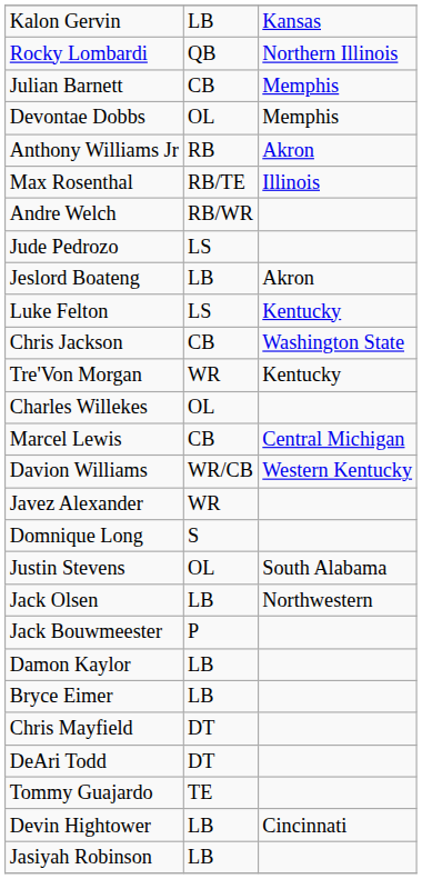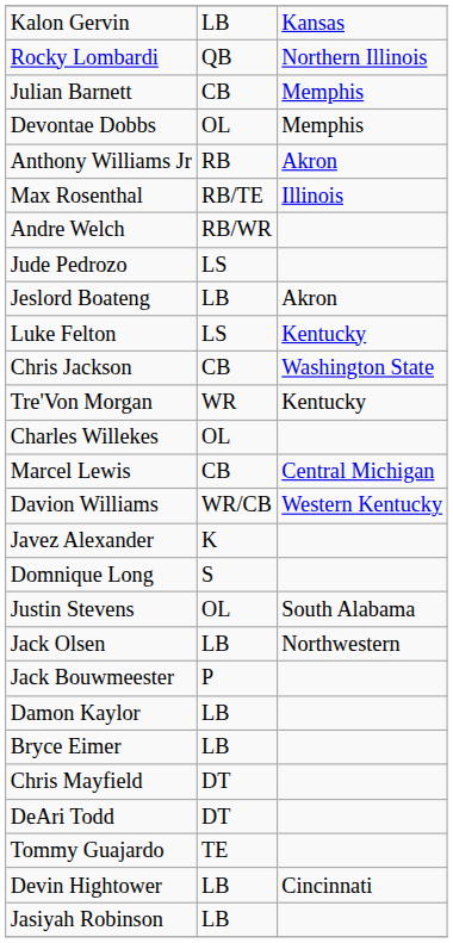 <table class="wikitable" style="display: inline-table;">
 <tr align="center">
 </tr>
 <tr>
 <td>Kalon Gervin</td>
 <td>LB</td>
 <td><a href='#'>Kansas</a></td>
 </tr>
 <tr>
 <td><a href='#'>Rocky Lombardi</a></td>
 <td>QB</td>
 <td><a href='#'>Northern Illinois</a></td>
 </tr>
 <tr>
 <td>Julian Barnett</td>
 <td>CB</td>
 <td><a href='#'>Memphis</a></td>
 </tr>
 <tr>
 <td>Devontae Dobbs</td>
 <td>OL</td>
 <td>Memphis</td>
 </tr>
 <tr>
 <td>Anthony Williams Jr</td>
 <td>RB</td>
 <td><a href='#'>Akron</a></td>
 </tr>
 <tr>
 <td>Max Rosenthal</td>
 <td>RB/TE</td>
 <td><a href='#'>Illinois</a></td>
 </tr>
 <tr>
 <td>Andre Welch</td>
 <td>RB/WR</td>
 <td></td>
 </tr>
 <tr>
 <td>Jude Pedrozo</td>
 <td>LS</td>
 <td></td>
 </tr>
 <tr>
 <td>Jeslord Boateng</td>
 <td>LB</td>
 <td>Akron</td>
 </tr>
 <tr>
 <td>Luke Felton</td>
 <td>LS</td>
 <td><a href='#'>Kentucky</a></td>
 </tr>
 <tr>
 <td>Chris Jackson</td>
 <td>CB</td>
 <td><a href='#'>Washington State</a></td>
 </tr>
 <tr>
 <td>Tre'Von Morgan</td>
 <td>WR</td>
 <td>Kentucky</td>
 </tr>
 <tr>
 <td>Charles Willekes</td>
 <td>OL</td>
 <td></td>
 </tr>
 <tr>
 <td>Marcel Lewis</td>
 <td>CB</td>
 <td><a href='#'>Central Michigan</a></td>
 </tr>
 <tr>
 <td>Davion Williams</td>
 <td>WR/CB</td>
 <td><a href='#'>Western Kentucky</a></td>
 </tr>
 <tr>
 <td>Javez Alexander</td>
-<td>WR</td>
+<td>K</td>
 <td></td>
 </tr>
 <tr>
 <td>Domnique Long</td>
 <td>S</td>
 <td></td>
 </tr>
 <tr>
 <td>Justin Stevens</td>
 <td>OL</td>
 <td>South Alabama</td>
 </tr>
 <tr>
 <td>Jack Olsen</td>
 <td>LB</td>
 <td>Northwestern</td>
 </tr>
 <tr>
 <td>Jack Bouwmeester</td>
 <td>P</td>
 <td></td>
 </tr>
 <tr>
 <td>Damon Kaylor</td>
 <td>LB</td>
 <td></td>
 </tr>
 <tr>
 <td>Bryce Eimer</td>
 <td>LB</td>
 <td></td>
 </tr>
 <tr>
 <td>Chris Mayfield</td>
 <td>DT</td>
 <td></td>
 </tr>
 <tr>
 <td>DeAri Todd</td>
 <td>DT</td>
 <td></td>
 </tr>
 <tr>
 <td>Tommy Guajardo</td>
 <td>TE</td>
 <td></td>
 </tr>
 <tr>
 <td>Devin Hightower</td>
 <td>LB</td>
 <td>Cincinnati</td>
 </tr>
 <tr>
 <td>Jasiyah Robinson</td>
 <td>LB</td>
 <td></td>
 </tr>
 <tr>
 </tr>
 </table>
